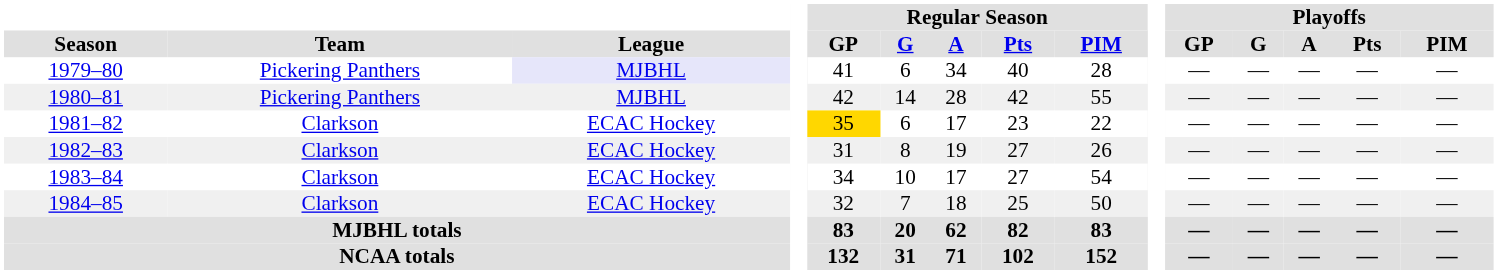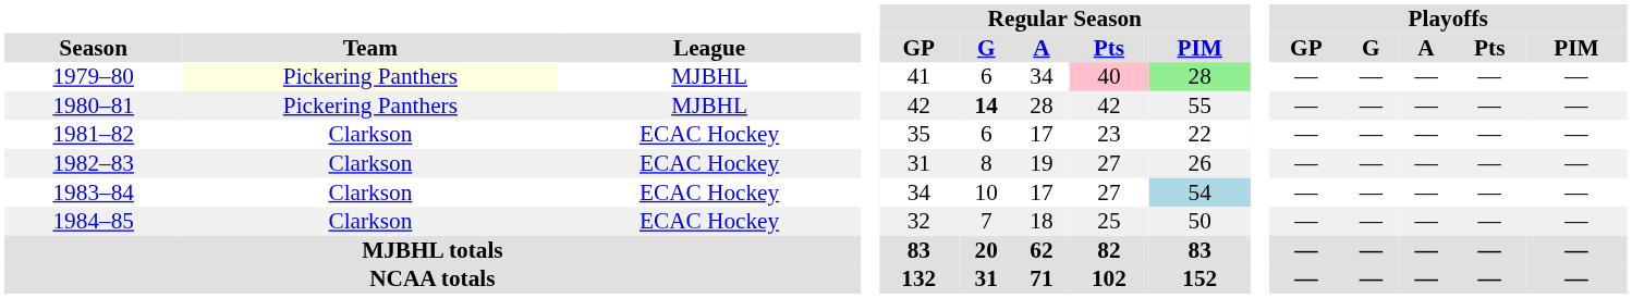 <table border="0" cellpadding="1" cellspacing="0" style="text-align:center; width:70em">
 <tr bgcolor="#e0e0e0">
 <th colspan="3"  bgcolor="#ffffff"> </th>
 <th rowspan="99" bgcolor="#ffffff"> </th>
 <th colspan="5">Regular Season</th>
 <th rowspan="99" bgcolor="#ffffff"> </th>
 <th colspan="5">Playoffs</th>
 </tr>
 <tr bgcolor="#e0e0e0">
 <th>Season</th>
 <th>Team</th>
 <th>League</th>
 <th>GP</th>
 <th><a href='#'>G</a></th>
 <th><a href='#'>A</a></th>
 <th><a href='#'>Pts</a></th>
 <th><a href='#'>PIM</a></th>
 <th>GP</th>
 <th>G</th>
 <th>A</th>
 <th>Pts</th>
 <th>PIM</th>
 </tr>
 <tr>
 <td><a href='#'>1979–80</a></td>
-<td><a href='#'>Pickering Panthers</a></td>
-<td style="background: lavender;"><a href='#'>MJBHL</a></td>
+<td style="background: lightyellow;"><a href='#'>Pickering Panthers</a></td>
+<td><a href='#'>MJBHL</a></td>
 <td>41</td>
 <td>6</td>
 <td>34</td>
-<td>40</td>
-<td>28</td>
+<td style="background: pink;">40</td>
+<td style="background: lightgreen;">28</td>
 <td>—</td>
 <td>—</td>
 <td>—</td>
 <td>—</td>
 <td>—</td>
 </tr>
 <tr bgcolor="f0f0f0">
 <td><a href='#'>1980–81</a></td>
 <td><a href='#'>Pickering Panthers</a></td>
 <td><a href='#'>MJBHL</a></td>
 <td>42</td>
-<td>14</td>
+<td><strong>14</strong></td>
 <td>28</td>
 <td>42</td>
 <td>55</td>
 <td>—</td>
 <td>—</td>
 <td>—</td>
 <td>—</td>
 <td>—</td>
 </tr>
 <tr>
 <td><a href='#'>1981–82</a></td>
 <td><a href='#'>Clarkson</a></td>
 <td><a href='#'>ECAC Hockey</a></td>
-<td style="background: gold;">35</td>
+<td>35</td>
 <td>6</td>
 <td>17</td>
 <td>23</td>
 <td>22</td>
 <td>—</td>
 <td>—</td>
 <td>—</td>
 <td>—</td>
 <td>—</td>
 </tr>
 <tr bgcolor="f0f0f0">
 <td><a href='#'>1982–83</a></td>
 <td><a href='#'>Clarkson</a></td>
 <td><a href='#'>ECAC Hockey</a></td>
 <td>31</td>
 <td>8</td>
 <td>19</td>
 <td>27</td>
 <td>26</td>
 <td>—</td>
 <td>—</td>
 <td>—</td>
 <td>—</td>
 <td>—</td>
 </tr>
 <tr>
 <td><a href='#'>1983–84</a></td>
 <td><a href='#'>Clarkson</a></td>
 <td><a href='#'>ECAC Hockey</a></td>
 <td>34</td>
 <td>10</td>
 <td>17</td>
 <td>27</td>
-<td>54</td>
+<td style="background: lightblue;">54</td>
 <td>—</td>
 <td>—</td>
 <td>—</td>
 <td>—</td>
 <td>—</td>
 </tr>
 <tr bgcolor="f0f0f0">
 <td><a href='#'>1984–85</a></td>
 <td><a href='#'>Clarkson</a></td>
 <td><a href='#'>ECAC Hockey</a></td>
 <td>32</td>
 <td>7</td>
 <td>18</td>
 <td>25</td>
 <td>50</td>
 <td>—</td>
 <td>—</td>
 <td>—</td>
 <td>—</td>
 <td>—</td>
 </tr>
 <tr bgcolor="#e0e0e0">
 <th colspan="3">MJBHL totals</th>
 <th>83</th>
 <th>20</th>
 <th>62</th>
 <th>82</th>
 <th>83</th>
 <th>—</th>
 <th>—</th>
 <th>—</th>
 <th>—</th>
 <th>—</th>
 </tr>
 <tr bgcolor="#e0e0e0">
 <th colspan="3">NCAA totals</th>
 <th>132</th>
 <th>31</th>
 <th>71</th>
 <th>102</th>
 <th>152</th>
 <th>—</th>
 <th>—</th>
 <th>—</th>
 <th>—</th>
 <th>—</th>
 </tr>
 </table>
